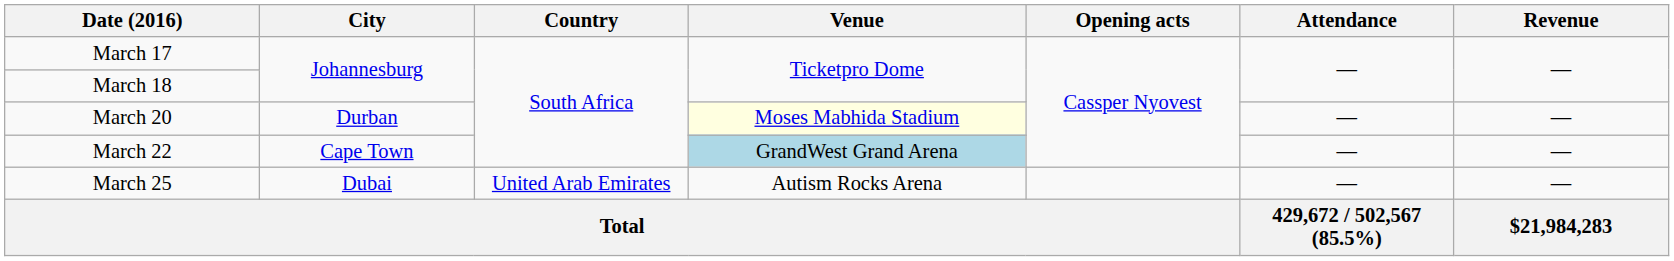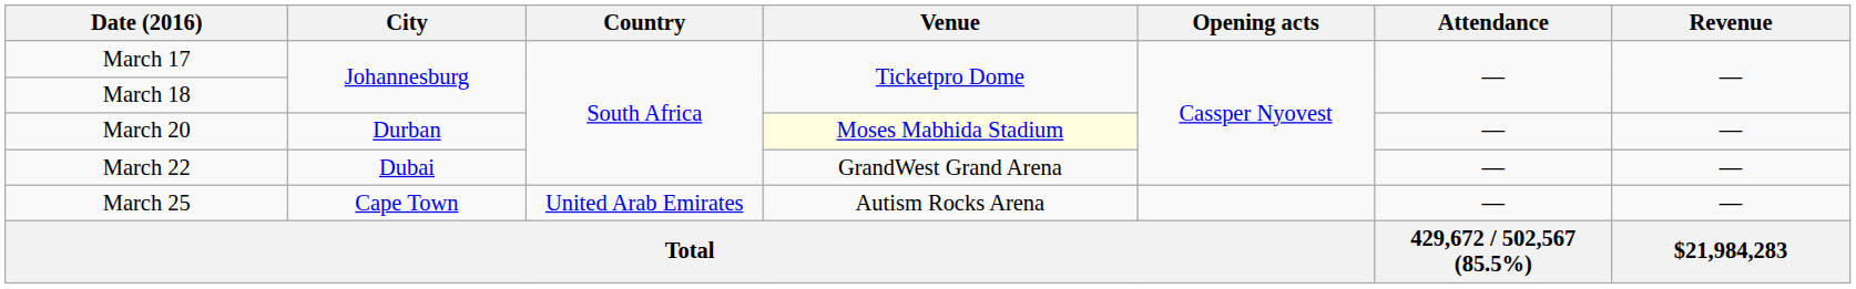 <table class="wikitable wplainrowheaders" style="text-align:center;">
 <tr>
 <th scope="col" style="width:12em;">Date (2016)</th>
 <th scope="col" style="width:10em;">City</th>
 <th scope="col" style="width:10em;">Country</th>
 <th scope="col" style="width:16em;">Venue</th>
 <th scope="col" style="width:10em;">Opening acts</th>
 <th scope="col" style="width:10em;">Attendance</th>
 <th scope="col" style="width:10em;">Revenue</th>
 </tr>
 <tr>
 <td>March 17</td>
 <td rowspan="2"><a href='#'>Johannesburg</a></td>
 <td rowspan="4"><a href='#'>South Africa</a></td>
 <td rowspan="2"><a href='#'>Ticketpro Dome</a></td>
 <td rowspan="4"><a href='#'>Cassper Nyovest</a></td>
 <td rowspan="2">—</td>
 <td rowspan="2">—</td>
 </tr>
 <tr>
 <td>March 18</td>
 </tr>
 <tr>
 <td>March 20</td>
 <td><a href='#'>Durban</a></td>
 <td style="background: lightyellow;"><a href='#'>Moses Mabhida Stadium</a></td>
 <td>—</td>
 <td>—</td>
 </tr>
 <tr>
 <td>March 22</td>
-<td><a href='#'>Cape Town</a></td>
-<td style="background: lightblue;">GrandWest Grand Arena</td>
+<td><a href='#'>Dubai</a></td>
+<td>GrandWest Grand Arena</td>
 <td>—</td>
 <td>—</td>
 </tr>
 <tr>
 <td>March 25</td>
-<td><a href='#'>Dubai</a></td>
+<td><a href='#'>Cape Town</a></td>
 <td><a href='#'>United Arab Emirates</a></td>
 <td>Autism Rocks Arena</td>
 <td></td>
 <td>—</td>
 <td>—</td>
 </tr>
 <tr>
 <th colspan="5">Total</th>
 <th><strong>429,672 / 502,567 (85.5%)</strong></th>
 <th><strong>$21,984,283 </strong></th>
 </tr>
 </table>
